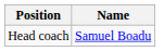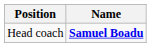 <table class="wikitable">
 <tr>
 <th>Position</th>
 <th>Name</th>
 </tr>
 <tr>
 <td>Head coach</td>
-<td align="left"> <a href='#'>Samuel Boadu</a></td>
+<td align="left"><strong> <a href='#'>Samuel Boadu</a></strong></td>
 </tr>
 </table>
